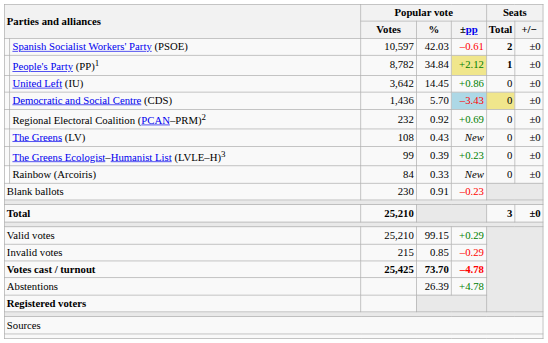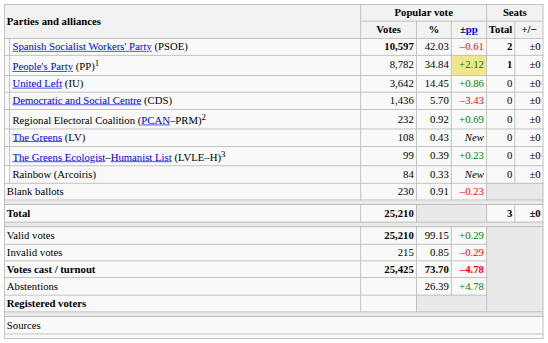 <table class="wikitable" style="text-align:right;">
 <tr>
 <th style="text-align:left;" rowspan="2" colspan="2" width="525">Parties and alliances</th>
 <th colspan="3">Popular vote</th>
 <th colspan="2">Seats</th>
 </tr>
 <tr>
 <th width="75">Votes</th>
 <th width="45">%</th>
 <th width="45">±<a href='#'>pp</a></th>
 <th width="35">Total</th>
 <th width="35">+/−</th>
 </tr>
 <tr>
 <td width="1" style="color:inherit;background:"></td>
 <td align="left"><a href='#'>Spanish Socialist Workers' Party</a> (PSOE)</td>
-<td>10,597</td>
+<td><strong>10,597</strong></td>
 <td>42.03</td>
 <td style="color:red;">–0.61</td>
 <td><strong>2</strong></td>
 <td>±0</td>
 </tr>
 <tr>
 <td style="color:inherit;background:"></td>
 <td align="left"><a href='#'>People's Party</a> (PP)<sup>1</sup></td>
 <td>8,782</td>
 <td>34.84</td>
 <td style="background: khaki; color:green;">+2.12</td>
 <td><strong>1</strong></td>
 <td>±0</td>
 </tr>
 <tr>
 <td style="color:inherit;background:"></td>
 <td align="left"><a href='#'>United Left</a> (IU)</td>
 <td>3,642</td>
 <td>14.45</td>
 <td style="color:green;">+0.86</td>
 <td>0</td>
 <td>±0</td>
 </tr>
 <tr>
 <td style="color:inherit;background:"></td>
 <td align="left"><a href='#'>Democratic and Social Centre</a> (CDS)</td>
 <td>1,436</td>
 <td>5.70</td>
-<td style="background: lightblue; color:red;">–3.43</td>
-<td style="background: khaki;">0</td>
+<td style="color:red;">–3.43</td>
+<td>0</td>
 <td>±0</td>
 </tr>
 <tr>
 <td style="color:inherit;background:"></td>
 <td align="left">Regional Electoral Coalition (<a href='#'>PCAN</a>–PRM)<sup>2</sup></td>
 <td>232</td>
 <td>0.92</td>
 <td style="color:green;">+0.69</td>
 <td>0</td>
 <td>±0</td>
 </tr>
 <tr>
 <td style="color:inherit;background:"></td>
 <td align="left"><a href='#'>The Greens</a> (LV)</td>
 <td>108</td>
 <td>0.43</td>
 <td><em>New</em></td>
 <td>0</td>
 <td>±0</td>
 </tr>
 <tr>
 <td style="color:inherit;background:"></td>
 <td align="left"><a href='#'>The Greens Ecologist</a>–<a href='#'>Humanist List</a> (LVLE–H)<sup>3</sup></td>
 <td>99</td>
 <td>0.39</td>
 <td style="color:green;">+0.23</td>
 <td>0</td>
 <td>±0</td>
 </tr>
 <tr>
 <td bgcolor="white"></td>
 <td align="left">Rainbow (Arcoiris)</td>
 <td>84</td>
 <td>0.33</td>
 <td><em>New</em></td>
 <td>0</td>
 <td>±0</td>
 </tr>
 <tr>
 <td align="left" colspan="2">Blank ballots</td>
 <td>230</td>
 <td>0.91</td>
 <td style="color:red;">–0.23</td>
 <td bgcolor="#E9E9E9" colspan="2"></td>
 </tr>
 <tr>
 <td colspan="7" bgcolor="#E9E9E9"></td>
 </tr>
 <tr style="font-weight:bold;">
 <td align="left" colspan="2">Total</td>
 <td>25,210</td>
 <td bgcolor="#E9E9E9" colspan="2"></td>
 <td>3</td>
 <td>±0</td>
 </tr>
 <tr>
 <td colspan="7" bgcolor="#E9E9E9"></td>
 </tr>
 <tr>
 <td align="left" colspan="2">Valid votes</td>
-<td>25,210</td>
+<td><strong>25,210</strong></td>
 <td>99.15</td>
 <td style="color:green;">+0.29</td>
 <td bgcolor="#E9E9E9" colspan="2" rowspan="5"></td>
 </tr>
 <tr>
 <td align="left" colspan="2">Invalid votes</td>
 <td>215</td>
 <td>0.85</td>
 <td style="color:red;">–0.29</td>
 </tr>
 <tr style="font-weight:bold;">
 <td align="left" colspan="2">Votes cast / turnout</td>
 <td>25,425</td>
 <td>73.70</td>
 <td style="color:red;">–4.78</td>
 </tr>
 <tr>
 <td align="left" colspan="2">Abstentions</td>
 <td></td>
 <td>26.39</td>
 <td style="color:green;">+4.78</td>
 </tr>
 <tr style="font-weight:bold;">
 <td align="left" colspan="2">Registered voters</td>
 <td></td>
 <td bgcolor="#E9E9E9" colspan="2"></td>
 </tr>
 <tr>
 <td colspan="7" bgcolor="#E9E9E9"></td>
 </tr>
 <tr>
 <td align="left" colspan="7">Sources</td>
 </tr>
 <tr>
 <td colspan="7" style="text-align:left; max-width:790px;"></td>
 </tr>
 </table>
